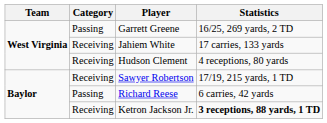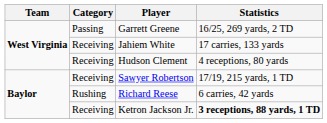 <table class="wikitable" style="float: right;">
 <tr>
 <th>Team</th>
 <th>Category</th>
 <th>Player</th>
 <th>Statistics</th>
 </tr>
 <tr>
 <td rowspan=3><strong>West Virginia</strong></td>
 <td>Passing</td>
 <td>Garrett Greene</td>
 <td>16/25, 269 yards, 2 TD</td>
 </tr>
 <tr>
 <td>Receiving</td>
 <td>Jahiem White</td>
 <td>17 carries, 133 yards</td>
 </tr>
 <tr>
 <td>Receiving</td>
 <td>Hudson Clement</td>
 <td>4 receptions, 80 yards</td>
 </tr>
 <tr>
 <td rowspan=3><strong>Baylor</strong></td>
 <td>Receiving</td>
 <td><a href='#'>Sawyer Robertson</a></td>
 <td>17/19, 215 yards, 1 TD</td>
 </tr>
 <tr>
-<td>Passing</td>
+<td>Rushing</td>
 <td><a href='#'>Richard Reese</a></td>
 <td>6 carries, 42 yards</td>
 </tr>
 <tr>
 <td>Receiving</td>
 <td>Ketron Jackson Jr.</td>
 <td><strong>3 receptions, 88 yards, 1 TD</strong></td>
 </tr>
 </table>
